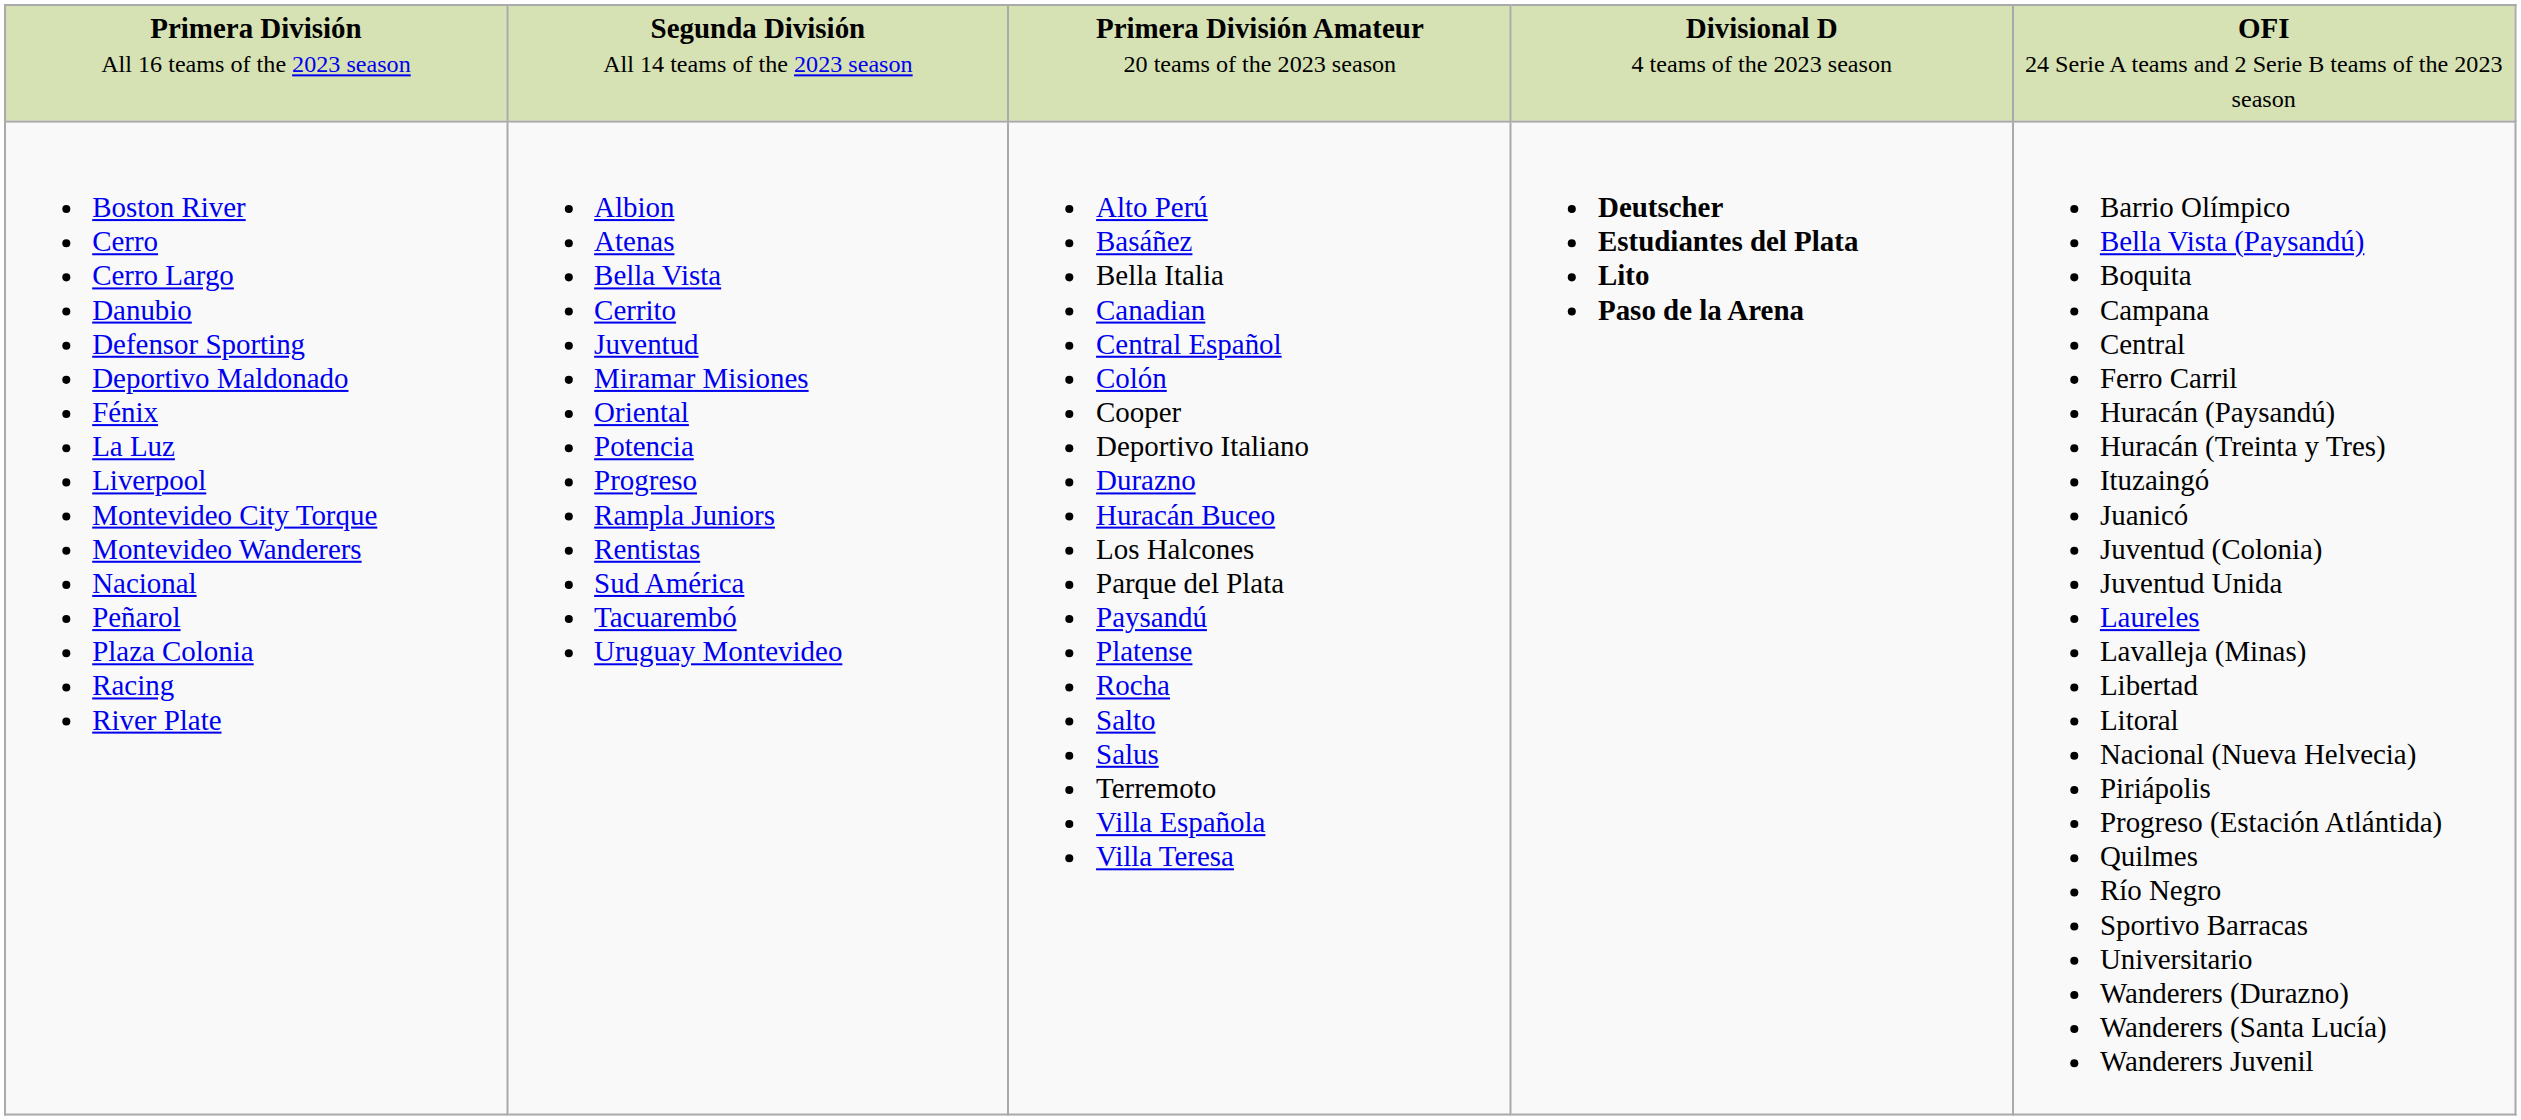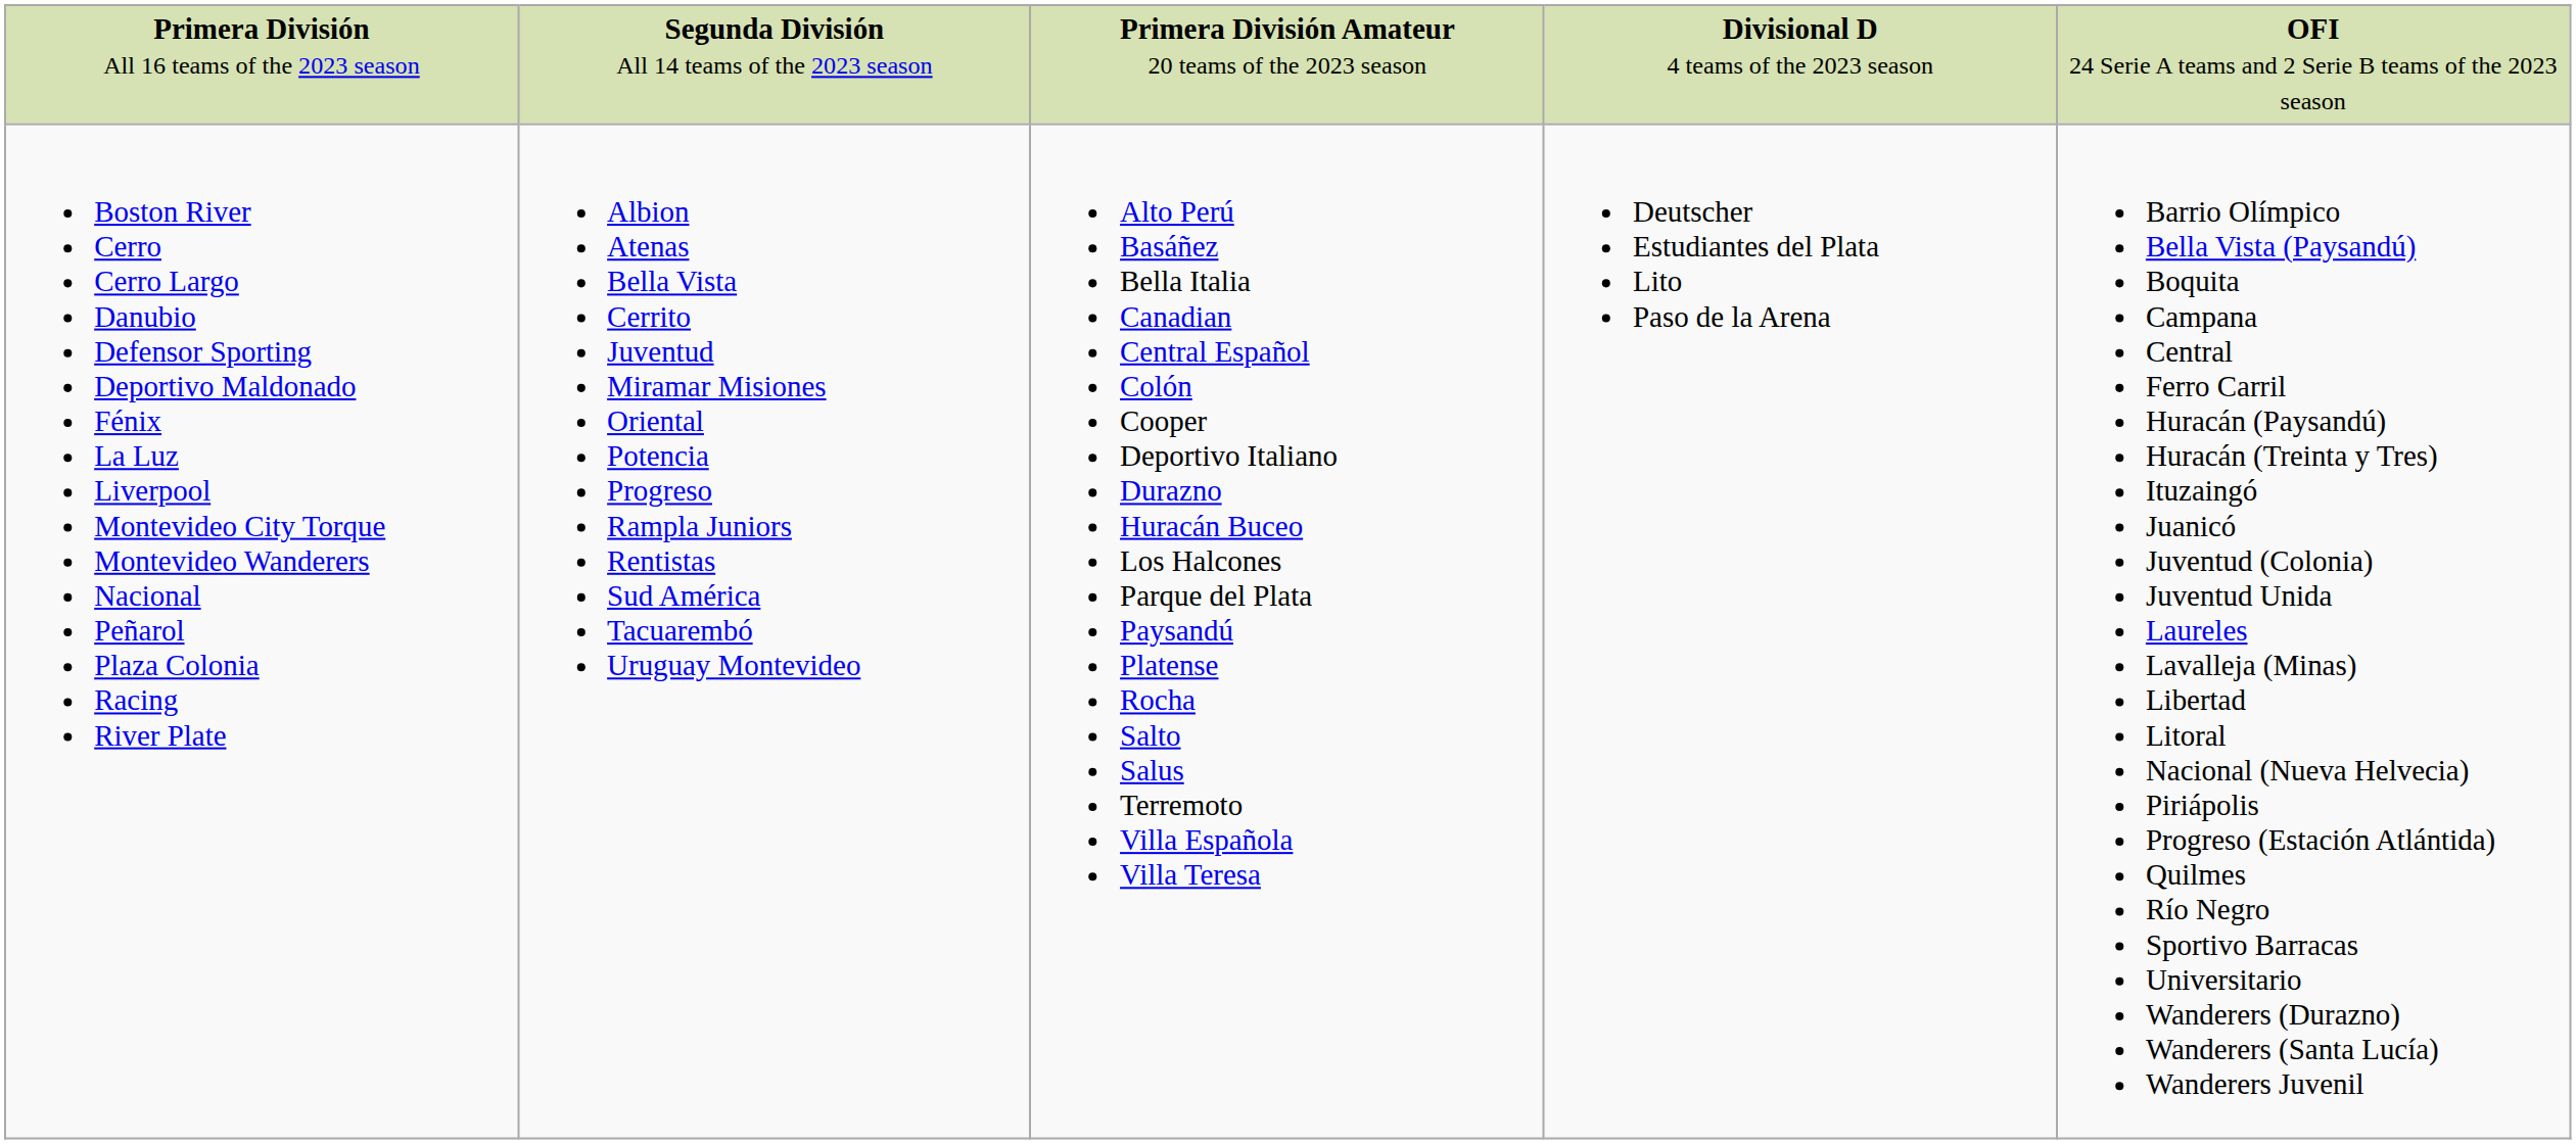 <table class="wikitable" style="font-size:90%">
 <tr style="background-color:#d6e2b3; text-align:center; vertical-align:top">
 <td style="width:20%"><strong>Primera División</strong><br><small>All 16 teams of the <a href='#'>2023 season</a></small></td>
 <td style="width:20%"><strong>Segunda División</strong><br><small>All 14 teams of the <a href='#'>2023 season</a></small></td>
 <td style="width:20%"><strong>Primera División Amateur</strong><br><small>20 teams of the 2023 season</small></td>
 <td style="width:20%"><strong>Divisional D</strong><br><small>4 teams of the 2023 season</small></td>
 <td style="width:20%"><strong>OFI</strong><br><small>24 Serie A teams and 2 Serie B teams of the 2023 season</small></td>
 </tr>
 <tr style="vertical-align:top">
 <td><br><ul><li><a href='#'>Boston River</a></li><li><a href='#'>Cerro</a></li><li><a href='#'>Cerro Largo</a></li><li><a href='#'>Danubio</a></li><li><a href='#'>Defensor Sporting</a></li><li><a href='#'>Deportivo Maldonado</a></li><li><a href='#'>Fénix</a></li><li><a href='#'>La Luz</a></li><li><a href='#'>Liverpool</a></li><li><a href='#'>Montevideo City Torque</a></li><li><a href='#'>Montevideo Wanderers</a></li><li><a href='#'>Nacional</a></li><li><a href='#'>Peñarol</a></li><li><a href='#'>Plaza Colonia</a></li><li><a href='#'>Racing</a></li><li><a href='#'>River Plate</a></li></ul></td>
 <td><br><ul><li><a href='#'>Albion</a></li><li><a href='#'>Atenas</a></li><li><a href='#'>Bella Vista</a></li><li><a href='#'>Cerrito</a></li><li><a href='#'>Juventud</a></li><li><a href='#'>Miramar Misiones</a></li><li><a href='#'>Oriental</a></li><li><a href='#'>Potencia</a></li><li><a href='#'>Progreso</a></li><li><a href='#'>Rampla Juniors</a></li><li><a href='#'>Rentistas</a></li><li><a href='#'>Sud América</a></li><li><a href='#'>Tacuarembó</a></li><li><a href='#'>Uruguay Montevideo</a></li></ul></td>
 <td><br><ul><li><a href='#'>Alto Perú</a></li><li><a href='#'>Basáñez</a></li><li>Bella Italia</li><li><a href='#'>Canadian</a></li><li><a href='#'>Central Español</a></li><li><a href='#'>Colón</a></li><li>Cooper</li><li>Deportivo Italiano</li><li><a href='#'>Durazno</a></li><li><a href='#'>Huracán Buceo</a></li><li>Los Halcones</li><li>Parque del Plata</li><li><a href='#'>Paysandú</a></li><li><a href='#'>Platense</a></li><li><a href='#'>Rocha</a></li><li><a href='#'>Salto</a></li><li><a href='#'>Salus</a></li><li>Terremoto</li><li><a href='#'>Villa Española</a></li><li><a href='#'>Villa Teresa</a></li></ul></td>
-<td><strong><br><ul><li>Deutscher</li><li>Estudiantes del Plata</li><li>Lito</li><li>Paso de la Arena</li></ul></strong></td>
+<td><br><ul><li>Deutscher</li><li>Estudiantes del Plata</li><li>Lito</li><li>Paso de la Arena</li></ul></td>
 <td><br><ul><li>Barrio Olímpico</li><li><a href='#'>Bella Vista (Paysandú)</a></li><li>Boquita</li><li>Campana</li><li>Central</li><li>Ferro Carril</li><li>Huracán (Paysandú)</li><li>Huracán (Treinta y Tres)</li><li>Ituzaingó</li><li>Juanicó</li><li>Juventud (Colonia)</li><li>Juventud Unida</li><li><a href='#'>Laureles</a></li><li>Lavalleja (Minas)</li><li>Libertad</li><li>Litoral</li><li>Nacional (Nueva Helvecia)</li><li>Piriápolis</li><li>Progreso (Estación Atlántida)</li><li>Quilmes</li><li>Río Negro</li><li>Sportivo Barracas</li><li>Universitario</li><li>Wanderers (Durazno)</li><li>Wanderers (Santa Lucía)</li><li>Wanderers Juvenil</li></ul></td>
 </tr>
 </table>
